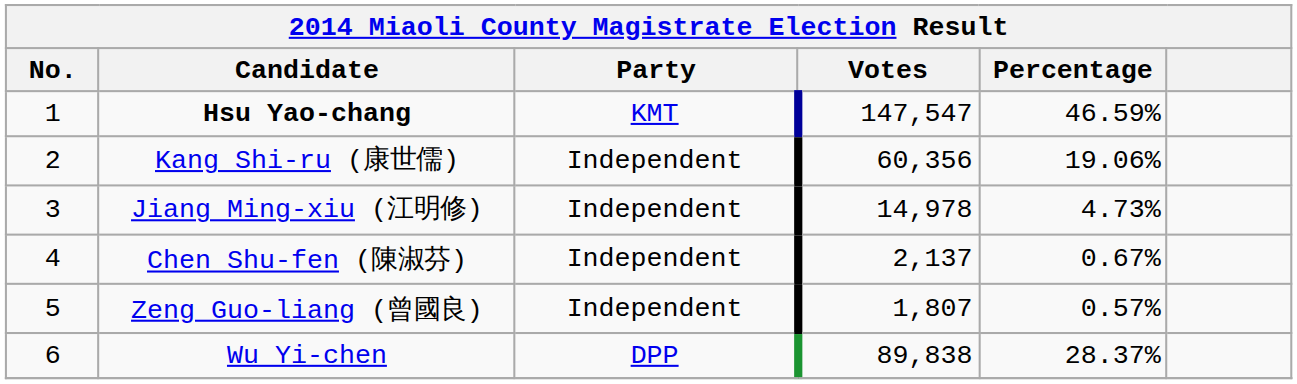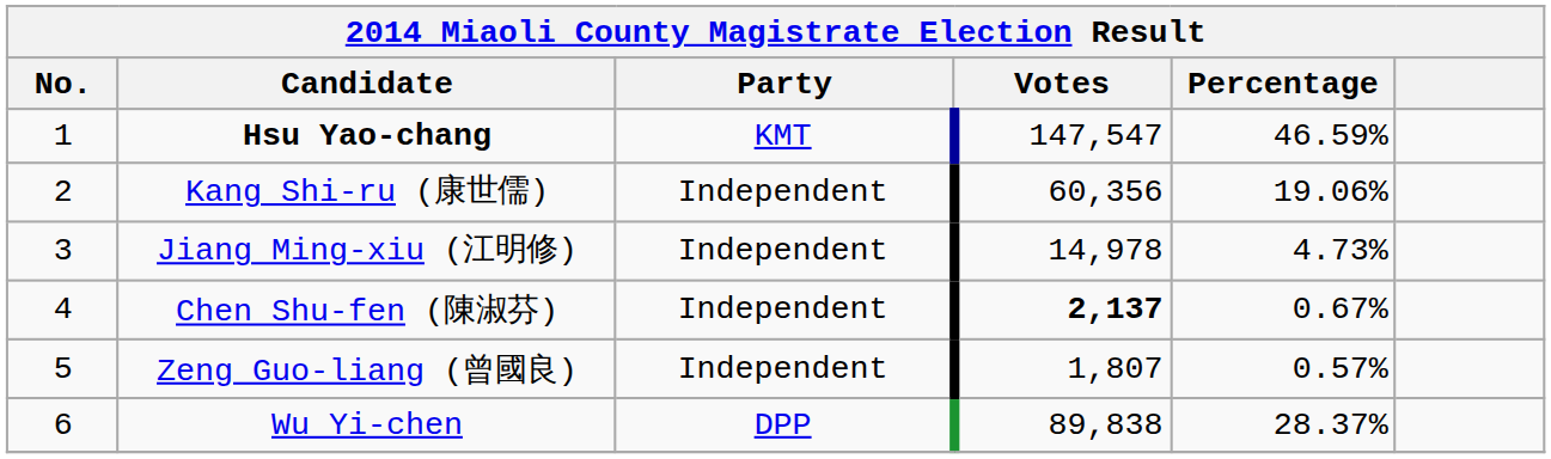 <table class="wikitable" style="text-align:center;margin: 1em auto;">
 <tr>
 <th colspan="7" width=620px><a href='#'>2014 Miaoli County Magistrate Election</a> Result</th>
 </tr>
 <tr>
 <th width=35>No.</th>
 <th width=180>Candidate</th>
 <th width=120>Party</th>
 <th width=75>Votes</th>
 <th width=75>Percentage</th>
 <th width=49></th>
 </tr>
 <tr>
 <td>1</td>
 <td><strong>Hsu Yao-chang</strong></td>
 <td><a href='#'>KMT</a></td>
 <td style="border-left:4px solid #000099;" align="right">147,547</td>
 <td align="right">46.59%</td>
 <td align="center"></td>
 </tr>
 <tr>
 <td>2</td>
 <td><a href='#'>Kang Shi-ru</a> (康世儒)</td>
 <td>Independent</td>
 <td style="border-left:4px solid #000000;" align="right">60,356</td>
 <td align="right">19.06%</td>
 <td align="center"></td>
 </tr>
 <tr>
 <td>3</td>
 <td><a href='#'>Jiang Ming-xiu</a> (江明修)</td>
 <td>Independent</td>
 <td style="border-left:4px solid #000000;" align="right">14,978</td>
 <td align="right">4.73%</td>
 <td align="center"></td>
 </tr>
 <tr>
 <td>4</td>
 <td><a href='#'>Chen Shu-fen</a> (陳淑芬)</td>
 <td>Independent</td>
-<td style="border-left:4px solid #000000;" align="right">2,137</td>
+<td style="border-left:4px solid #000000;" align="right"><strong>2,137</strong></td>
 <td align="right">0.67%</td>
 <td align="center"></td>
 </tr>
 <tr>
 <td>5</td>
 <td><a href='#'>Zeng Guo-liang</a> (曾國良)</td>
 <td>Independent</td>
 <td style="border-left:4px solid #000000;" align="right">1,807</td>
 <td align="right">0.57%</td>
 <td align="center"></td>
 </tr>
 <tr>
 <td>6</td>
 <td><a href='#'>Wu Yi-chen</a></td>
 <td><a href='#'>DPP</a></td>
 <td style="border-left:4px solid #1B9431;" align="right">89,838</td>
 <td align="right">28.37%</td>
 <td align="center"></td>
 </tr>
 <tr bgcolor=EEEEEE>
 </tr>
 </table>
